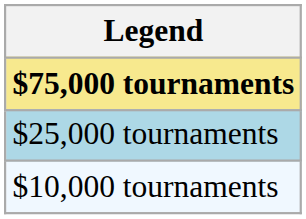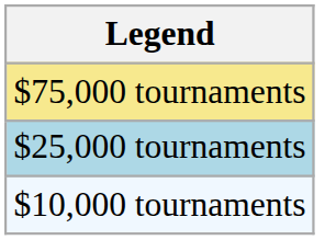 <table class="wikitable" style="font-size:90%;">
 <tr>
 <th>Legend</th>
 </tr>
 <tr style="background:#f7e98e;">
-<td><strong>$75,000 tournaments</strong></td>
+<td>$75,000 tournaments</td>
 </tr>
 <tr style="background:lightblue;">
 <td>$25,000 tournaments</td>
 </tr>
 <tr style="background:#f0f8ff;">
 <td>$10,000 tournaments</td>
 </tr>
 </table>
